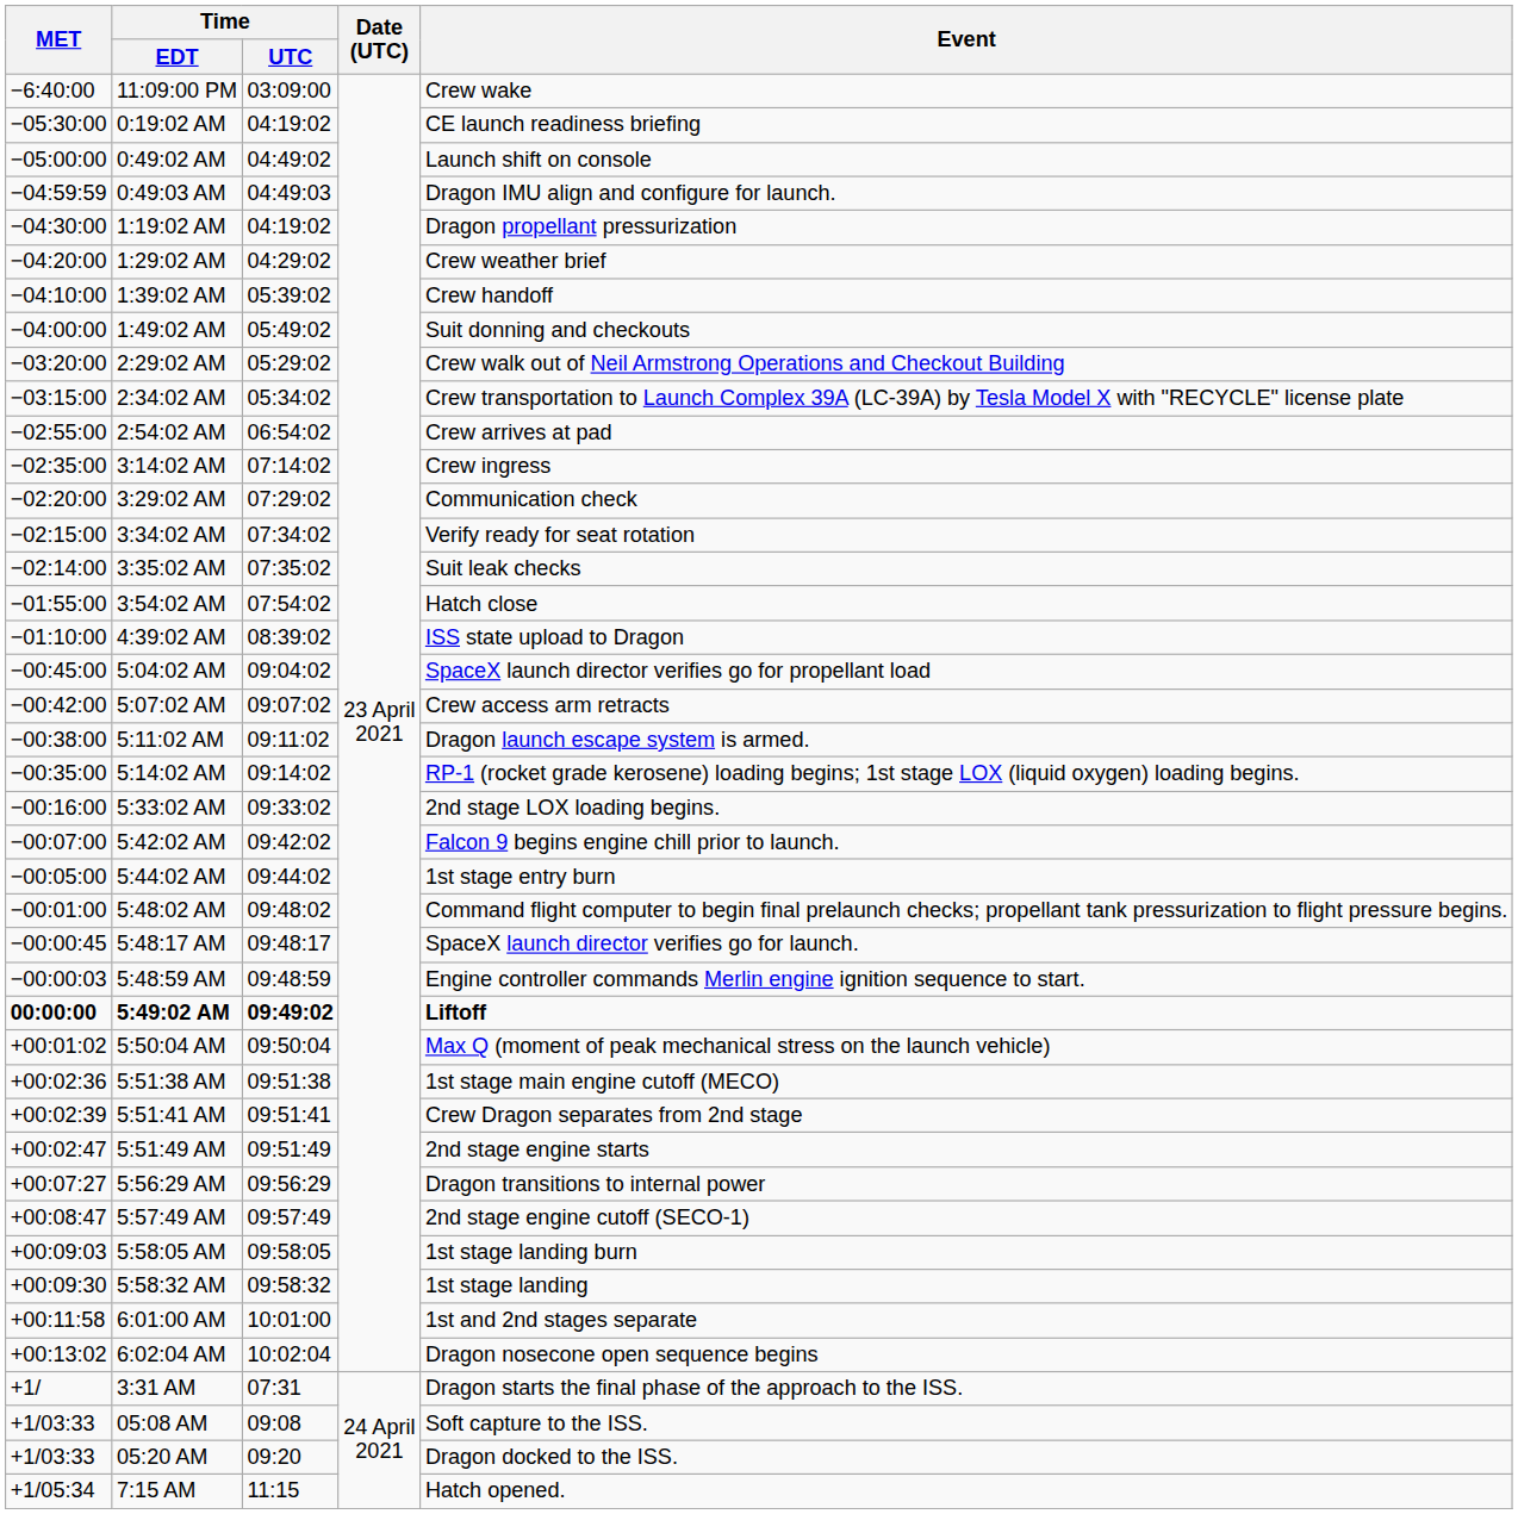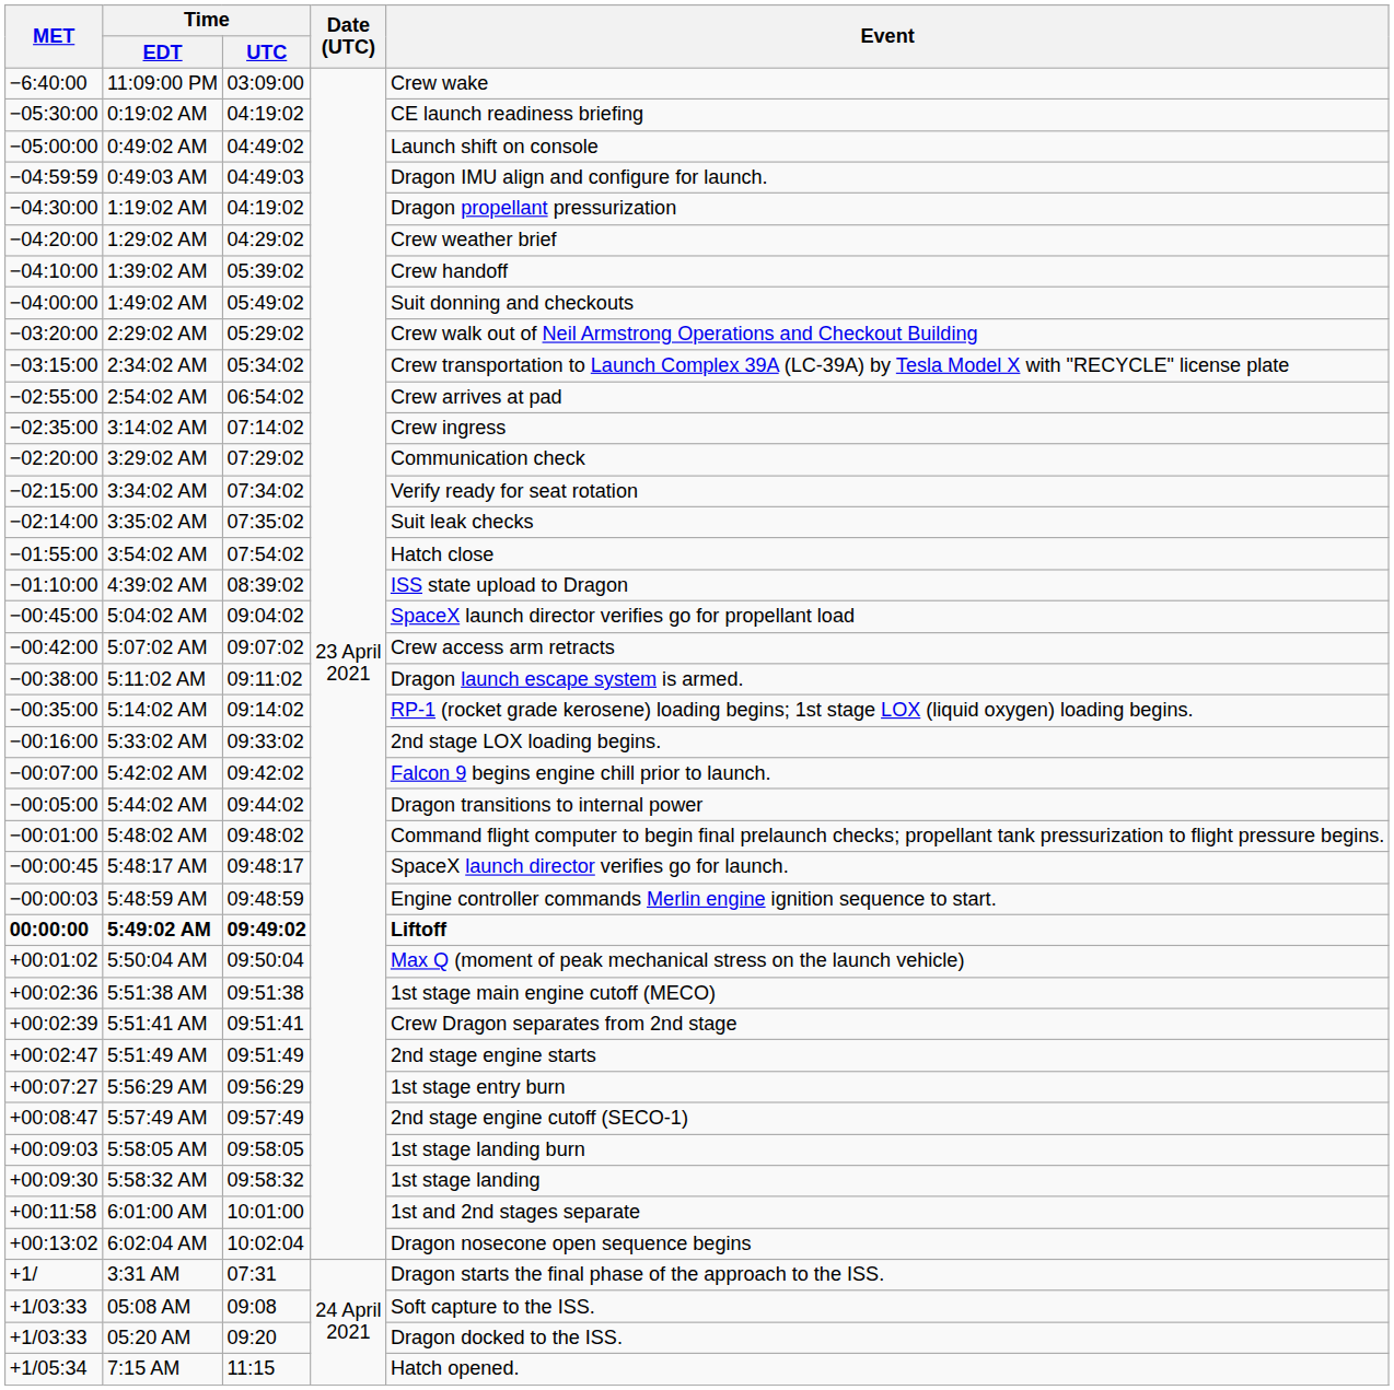 <table class="wikitable">
 <tr>
 <th rowspan=2><a href='#'>MET</a></th>
 <th colspan=2>Time</th>
 <th rowspan=2>Date<br>(UTC)</th>
 <th rowspan=2>Event</th>
 </tr>
 <tr>
 <th><a href='#'>EDT</a></th>
 <th><a href='#'>UTC</a></th>
 </tr>
 <tr>
 <td>−6:40:00</td>
 <td>11:09:00 PM</td>
 <td>03:09:00</td>
 <td rowspan=38 style="text-align:center">23 April<br>2021</td>
 <td>Crew wake</td>
 </tr>
 <tr>
 <td>−05:30:00</td>
 <td>0:19:02 AM</td>
 <td>04:19:02</td>
 <td>CE launch readiness briefing</td>
 </tr>
 <tr>
 <td>−05:00:00</td>
 <td>0:49:02 AM</td>
 <td>04:49:02</td>
 <td>Launch shift on console</td>
 </tr>
 <tr>
 <td>−04:59:59</td>
 <td>0:49:03 AM</td>
 <td>04:49:03</td>
 <td>Dragon IMU align and configure for launch.</td>
 </tr>
 <tr>
 <td>−04:30:00</td>
 <td>1:19:02 AM</td>
 <td>04:19:02</td>
 <td>Dragon <a href='#'>propellant</a> pressurization</td>
 </tr>
 <tr>
 <td>−04:20:00</td>
 <td>1:29:02 AM</td>
 <td>04:29:02</td>
 <td>Crew weather brief</td>
 </tr>
 <tr>
 <td>−04:10:00</td>
 <td>1:39:02 AM</td>
 <td>05:39:02</td>
 <td>Crew handoff</td>
 </tr>
 <tr>
 <td>−04:00:00</td>
 <td>1:49:02 AM</td>
 <td>05:49:02</td>
 <td>Suit donning and checkouts</td>
 </tr>
 <tr>
 <td>−03:20:00</td>
 <td>2:29:02 AM</td>
 <td>05:29:02</td>
 <td>Crew walk out of <a href='#'>Neil Armstrong Operations and Checkout Building</a></td>
 </tr>
 <tr>
 <td>−03:15:00</td>
 <td>2:34:02 AM</td>
 <td>05:34:02</td>
 <td>Crew transportation to <a href='#'>Launch Complex 39A</a> (LC-39A) by <a href='#'>Tesla Model X</a> with "RECYCLE" license plate</td>
 </tr>
 <tr>
 <td>−02:55:00</td>
 <td>2:54:02 AM</td>
 <td>06:54:02</td>
 <td>Crew arrives at pad</td>
 </tr>
 <tr>
 <td>−02:35:00</td>
 <td>3:14:02 AM</td>
 <td>07:14:02</td>
 <td>Crew ingress</td>
 </tr>
 <tr>
 <td>−02:20:00</td>
 <td>3:29:02 AM</td>
 <td>07:29:02</td>
 <td>Communication check</td>
 </tr>
 <tr>
 <td>−02:15:00</td>
 <td>3:34:02 AM</td>
 <td>07:34:02</td>
 <td>Verify ready for seat rotation</td>
 </tr>
 <tr>
 <td>−02:14:00</td>
 <td>3:35:02 AM</td>
 <td>07:35:02</td>
 <td>Suit leak checks</td>
 </tr>
 <tr>
 <td>−01:55:00</td>
 <td>3:54:02 AM</td>
 <td>07:54:02</td>
 <td>Hatch close</td>
 </tr>
 <tr>
 <td>−01:10:00</td>
 <td>4:39:02 AM</td>
 <td>08:39:02</td>
 <td><a href='#'>ISS</a> state upload to Dragon</td>
 </tr>
 <tr>
 <td>−00:45:00</td>
 <td>5:04:02 AM</td>
 <td>09:04:02</td>
 <td><a href='#'>SpaceX</a> launch director verifies go for propellant load</td>
 </tr>
 <tr>
 <td>−00:42:00</td>
 <td>5:07:02 AM</td>
 <td>09:07:02</td>
 <td>Crew access arm retracts</td>
 </tr>
 <tr>
 <td>−00:38:00</td>
 <td>5:11:02 AM</td>
 <td>09:11:02</td>
 <td>Dragon <a href='#'>launch escape system</a> is armed.</td>
 </tr>
 <tr>
 <td>−00:35:00</td>
 <td>5:14:02 AM</td>
 <td>09:14:02</td>
 <td><a href='#'>RP-1</a> (rocket grade kerosene) loading begins; 1st stage <a href='#'>LOX</a> (liquid oxygen) loading begins.</td>
 </tr>
 <tr>
 <td>−00:16:00</td>
 <td>5:33:02 AM</td>
 <td>09:33:02</td>
 <td>2nd stage LOX loading begins.</td>
 </tr>
 <tr>
 <td>−00:07:00</td>
 <td>5:42:02 AM</td>
 <td>09:42:02</td>
 <td><a href='#'>Falcon 9</a> begins engine chill prior to launch.</td>
 </tr>
 <tr>
 <td>−00:05:00</td>
 <td>5:44:02 AM</td>
 <td>09:44:02</td>
-<td>1st stage entry burn</td>
+<td>Dragon transitions to internal power</td>
 </tr>
 <tr>
 <td>−00:01:00</td>
 <td>5:48:02 AM</td>
 <td>09:48:02</td>
 <td>Command flight computer to begin final prelaunch checks; propellant tank pressurization to flight pressure begins.</td>
 </tr>
 <tr>
 <td>−00:00:45</td>
 <td>5:48:17 AM</td>
 <td>09:48:17</td>
 <td>SpaceX <a href='#'>launch director</a> verifies go for launch.</td>
 </tr>
 <tr>
 <td>−00:00:03</td>
 <td>5:48:59 AM</td>
 <td>09:48:59</td>
 <td>Engine controller commands <a href='#'>Merlin engine</a> ignition sequence to start.</td>
 </tr>
 <tr>
 <td><strong>00:00:00</strong></td>
 <td><strong>5:49:02 AM</strong></td>
 <td><strong>09:49:02</strong></td>
 <td><strong>Liftoff</strong></td>
 </tr>
 <tr>
 <td>+00:01:02</td>
 <td>5:50:04 AM</td>
 <td>09:50:04</td>
 <td><a href='#'>Max Q</a> (moment of peak mechanical stress on the launch vehicle)</td>
 </tr>
 <tr>
 <td>+00:02:36</td>
 <td>5:51:38 AM</td>
 <td>09:51:38</td>
 <td>1st stage main engine cutoff (MECO)</td>
 </tr>
 <tr>
 <td>+00:02:39</td>
 <td>5:51:41 AM</td>
 <td>09:51:41</td>
 <td>Crew Dragon separates from 2nd stage</td>
 </tr>
 <tr>
 <td>+00:02:47</td>
 <td>5:51:49 AM</td>
 <td>09:51:49</td>
 <td>2nd stage engine starts</td>
 </tr>
 <tr>
 <td>+00:07:27</td>
 <td>5:56:29 AM</td>
 <td>09:56:29</td>
-<td>Dragon transitions to internal power</td>
+<td>1st stage entry burn</td>
 </tr>
 <tr>
 <td>+00:08:47</td>
 <td>5:57:49 AM</td>
 <td>09:57:49</td>
 <td>2nd stage engine cutoff (SECO-1)</td>
 </tr>
 <tr>
 <td>+00:09:03</td>
 <td>5:58:05 AM</td>
 <td>09:58:05</td>
 <td>1st stage landing burn</td>
 </tr>
 <tr>
 <td>+00:09:30</td>
 <td>5:58:32 AM</td>
 <td>09:58:32</td>
 <td>1st stage landing</td>
 </tr>
 <tr>
 <td>+00:11:58</td>
 <td>6:01:00 AM</td>
 <td>10:01:00</td>
 <td>1st and 2nd stages separate</td>
 </tr>
 <tr>
 <td>+00:13:02</td>
 <td>6:02:04 AM</td>
 <td>10:02:04</td>
 <td>Dragon nosecone open sequence begins</td>
 </tr>
 <tr>
 <td>+1/</td>
 <td>3:31 AM</td>
 <td>07:31</td>
 <td rowspan=4 style="text-align:center">24 April<br>2021</td>
 <td>Dragon starts the final phase of the approach to the ISS.</td>
 </tr>
 <tr>
 <td>+1/03:33</td>
 <td>05:08 AM</td>
 <td>09:08</td>
 <td>Soft capture to the ISS.</td>
 </tr>
 <tr>
 <td>+1/03:33</td>
 <td>05:20 AM</td>
 <td>09:20</td>
 <td>Dragon docked to the ISS.</td>
 </tr>
 <tr>
 <td>+1/05:34</td>
 <td>7:15 AM</td>
 <td>11:15</td>
 <td>Hatch opened.</td>
 </tr>
 <tr>
 </tr>
 </table>
